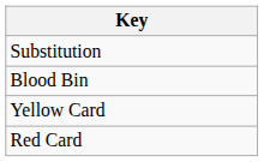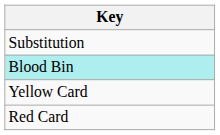 <table class="wikitable" width=17% align=right>
 <tr>
 <th>Key</th>
 </tr>
 <tr>
 <td>  Substitution</td>
 </tr>
 <tr>
-<td> Blood Bin</td>
+<td style="background: paleturquoise;"> Blood Bin</td>
 </tr>
 <tr>
 <td> Yellow Card</td>
 </tr>
 <tr>
 <td> Red Card</td>
 </tr>
 </table>
